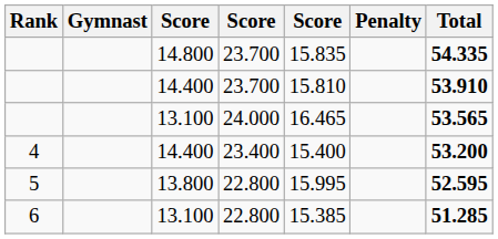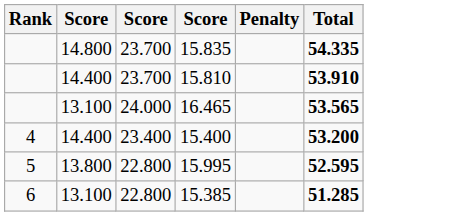 <table class="wikitable sortable" style="text-align:center">
 <tr>
 <th>Rank</th>
-<th>Gymnast</th>
 <th> Score</th>
 <th> Score</th>
 <th> Score</th>
 <th>Penalty</th>
 <th>Total</th>
 </tr>
 <tr>
 <td></td>
-<td align=left></td>
 <td>14.800</td>
 <td>23.700</td>
 <td>15.835</td>
 <td></td>
 <td><strong>54.335</strong></td>
 </tr>
 <tr>
 <td></td>
-<td align=left></td>
 <td>14.400</td>
 <td>23.700</td>
 <td>15.810</td>
 <td></td>
 <td><strong>53.910</strong></td>
 </tr>
 <tr>
 <td></td>
-<td align=left></td>
 <td>13.100</td>
 <td>24.000</td>
 <td>16.465</td>
 <td></td>
 <td><strong>53.565</strong></td>
 </tr>
 <tr>
 <td>4</td>
-<td align=left></td>
 <td>14.400</td>
 <td>23.400</td>
 <td>15.400</td>
 <td></td>
 <td><strong>53.200</strong></td>
 </tr>
 <tr>
 <td>5</td>
-<td align=left></td>
 <td>13.800</td>
 <td>22.800</td>
 <td>15.995</td>
 <td></td>
 <td><strong>52.595</strong></td>
 </tr>
 <tr>
 <td>6</td>
-<td align=left></td>
 <td>13.100</td>
 <td>22.800</td>
 <td>15.385</td>
 <td></td>
 <td><strong>51.285</strong></td>
 </tr>
 </table>
